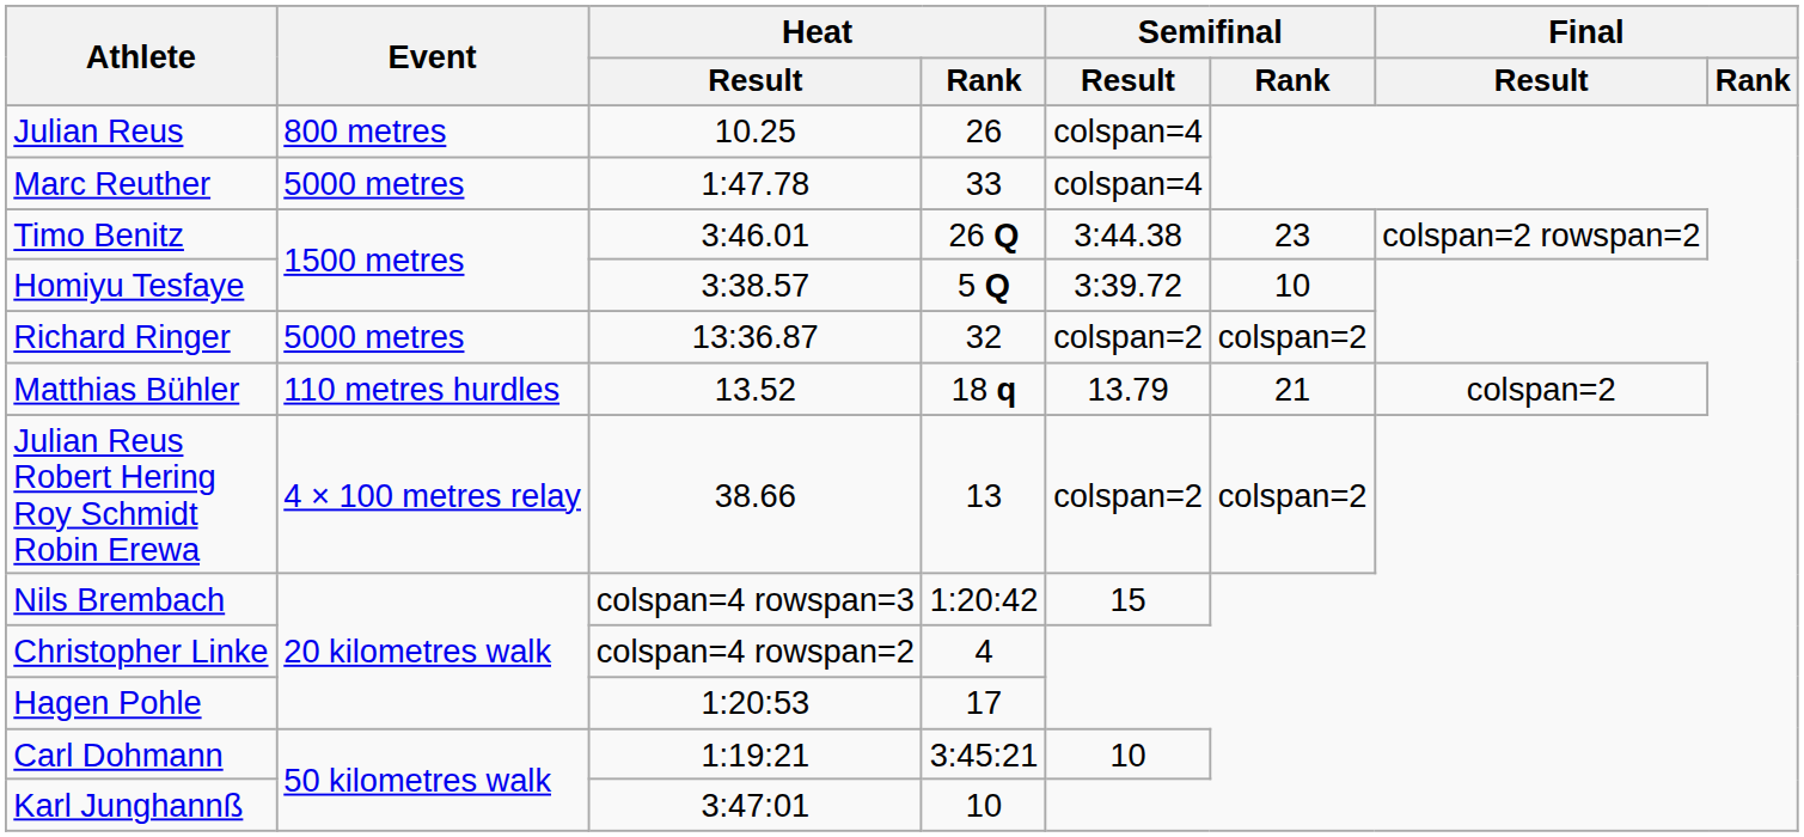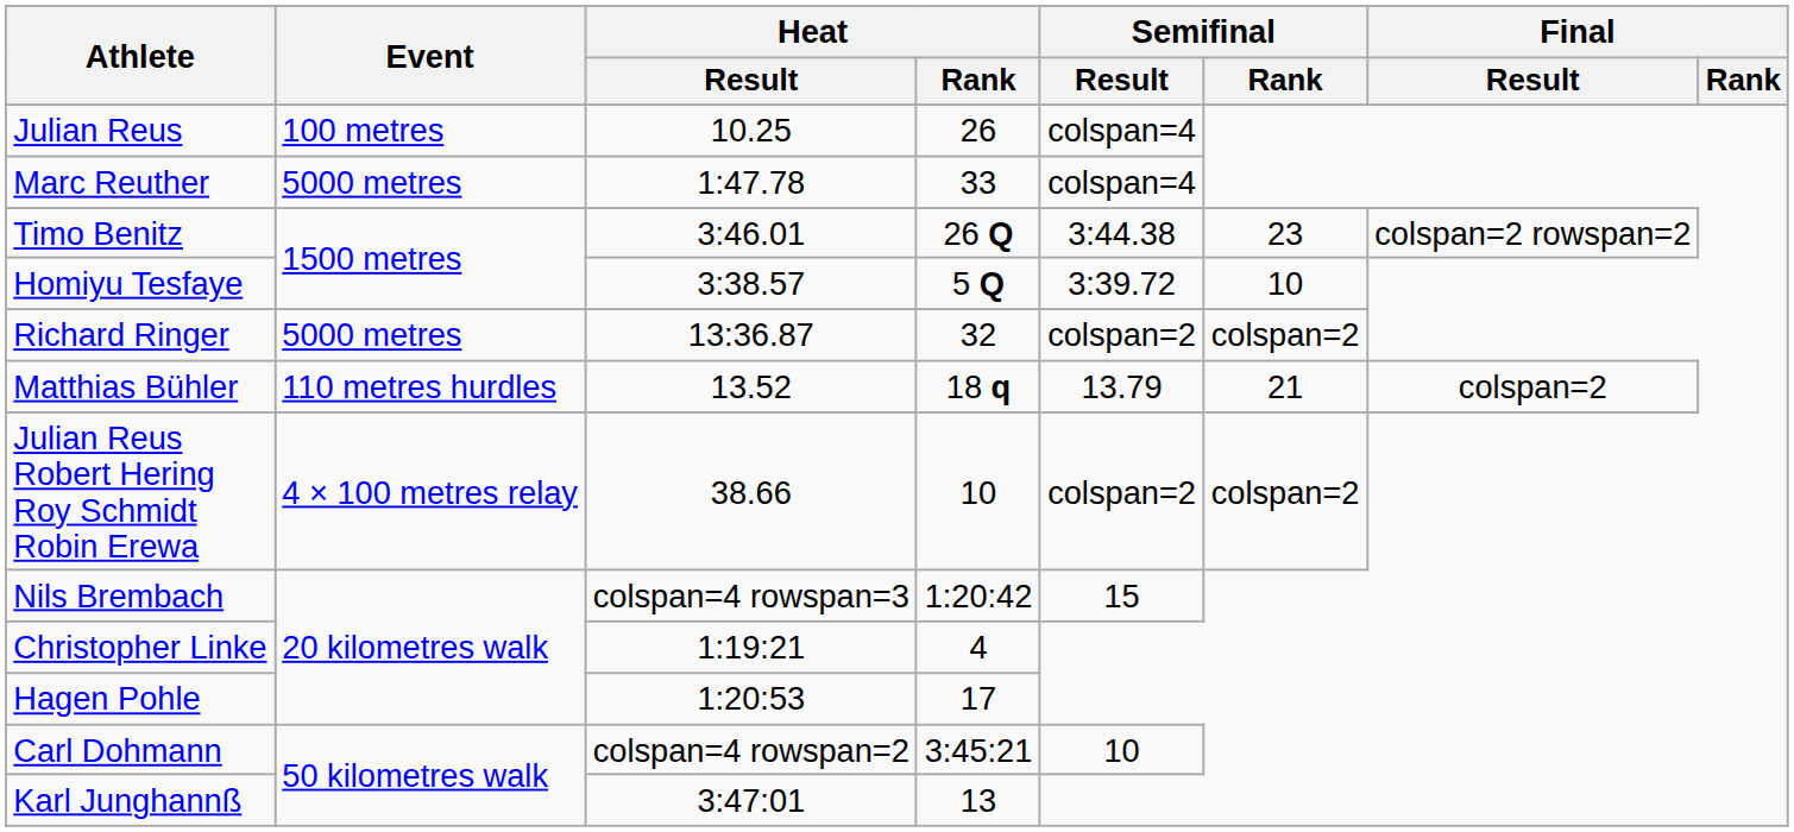 <table class=wikitable style=font-size:90%>
 <tr>
 <th rowspan=2>Athlete</th>
 <th rowspan=2>Event</th>
 <th colspan=2>Heat</th>
 <th colspan=2>Semifinal</th>
 <th colspan=2>Final</th>
 </tr>
 <tr style=font-size:95%>
 <th>Result</th>
 <th>Rank</th>
 <th>Result</th>
 <th>Rank</th>
 <th>Result</th>
 <th>Rank</th>
 </tr>
 <tr align=center>
 <td align=left><a href='#'>Julian Reus</a></td>
-<td align=left><a href='#'>800 metres</a></td>
+<td align=left><a href='#'>100 metres</a></td>
 <td>10.25</td>
 <td>26</td>
 <td>colspan=4 </td>
 </tr>
 <tr align=center>
 <td align=left><a href='#'>Marc Reuther</a></td>
 <td align=left><a href='#'>5000 metres</a></td>
 <td>1:47.78</td>
 <td>33</td>
 <td>colspan=4 </td>
 </tr>
 <tr align=center>
 <td align=left><a href='#'>Timo Benitz</a></td>
 <td align=left rowspan=2><a href='#'>1500 metres</a></td>
 <td>3:46.01</td>
 <td>26 <strong>Q</strong></td>
 <td>3:44.38</td>
 <td>23</td>
 <td>colspan=2 rowspan=2 </td>
 </tr>
 <tr align=center>
 <td align=left><a href='#'>Homiyu Tesfaye</a></td>
 <td>3:38.57</td>
 <td>5 <strong>Q</strong></td>
 <td>3:39.72</td>
 <td>10</td>
 </tr>
 <tr align=center>
 <td align=left><a href='#'>Richard Ringer</a></td>
 <td align=left><a href='#'>5000 metres</a></td>
 <td>13:36.87</td>
 <td>32</td>
 <td>colspan=2 </td>
 <td>colspan=2 </td>
 </tr>
 <tr align=center>
 <td align=left><a href='#'>Matthias Bühler</a></td>
 <td align=left><a href='#'>110 metres hurdles</a></td>
 <td>13.52</td>
 <td>18 <strong>q</strong></td>
 <td>13.79</td>
 <td>21</td>
 <td>colspan=2 </td>
 </tr>
 <tr align=center>
 <td align=left><a href='#'>Julian Reus</a><br><a href='#'>Robert Hering</a><br><a href='#'>Roy Schmidt</a><br><a href='#'>Robin Erewa</a></td>
 <td align=left><a href='#'>4 × 100 metres relay</a></td>
 <td>38.66</td>
-<td>13</td>
+<td>10</td>
 <td>colspan=2 </td>
 <td>colspan=2 </td>
 </tr>
 <tr align=center>
 <td align=left><a href='#'>Nils Brembach</a></td>
 <td align=left rowspan=3><a href='#'>20 kilometres walk</a></td>
 <td>colspan=4 rowspan=3 </td>
 <td>1:20:42 <strong></strong></td>
 <td>15</td>
 </tr>
 <tr align=center>
 <td align=left><a href='#'>Christopher Linke</a></td>
-<td>colspan=4 rowspan=2 </td>
+<td>1:19:21</td>
 <td>4</td>
 </tr>
 <tr align=center>
 <td align=left><a href='#'>Hagen Pohle</a></td>
 <td>1:20:53 <strong></strong></td>
 <td>17</td>
 </tr>
 <tr align=center>
 <td align=left><a href='#'>Carl Dohmann</a></td>
 <td align=left rowspan=2><a href='#'>50 kilometres walk</a></td>
-<td>1:19:21</td>
+<td>colspan=4 rowspan=2 </td>
 <td>3:45:21 <strong></strong></td>
 <td>10</td>
 </tr>
 <tr align=center>
 <td align=left><a href='#'>Karl Junghannß</a></td>
 <td>3:47:01 <strong></strong></td>
-<td>10</td>
+<td>13</td>
 </tr>
 </table>
